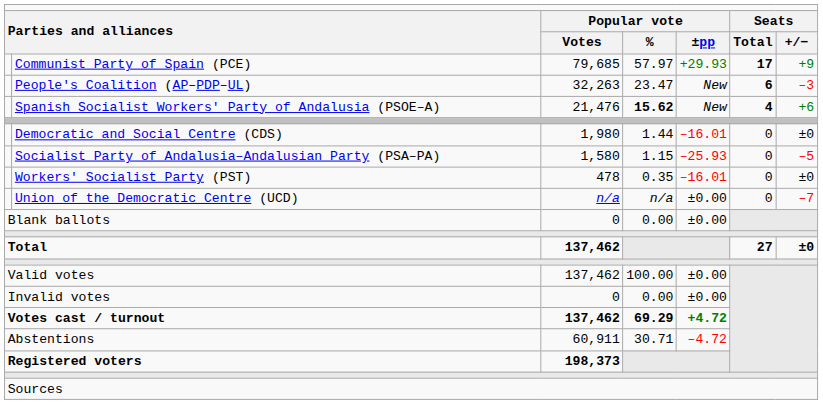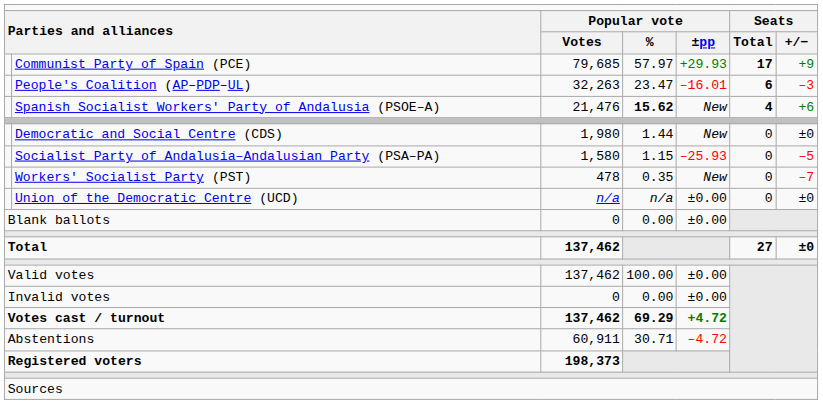 <table class="wikitable" style="text-align:right;">
 <tr>
 <td colspan="7"></td>
 </tr>
 <tr>
 <th style="text-align:left;" rowspan="2" colspan="2" width="525">Parties and alliances</th>
 <th colspan="3">Popular vote</th>
 <th colspan="2">Seats</th>
 </tr>
 <tr>
 <th width="75">Votes</th>
 <th width="45">%</th>
 <th width="45">±<a href='#'>pp</a></th>
 <th width="35">Total</th>
 <th width="35">+/−</th>
 </tr>
 <tr>
 <td width="1" style="color:inherit;background:"></td>
 <td align="left"><a href='#'>Communist Party of Spain</a> (PCE)</td>
 <td>79,685</td>
 <td>57.97</td>
 <td style="color:green;">+29.93</td>
 <td><strong>17</strong></td>
 <td style="color:green;">+9</td>
 </tr>
 <tr>
 <td style="color:inherit;background:"></td>
 <td align="left"><a href='#'>People's Coalition</a> (<a href='#'>AP</a>–<a href='#'>PDP</a>–<a href='#'>UL</a>)</td>
 <td>32,263</td>
 <td>23.47</td>
-<td><em>New</em></td>
+<td style="color:red;">–16.01</td>
 <td><strong>6</strong></td>
 <td style="color:red;">–3</td>
 </tr>
 <tr>
 <td style="color:inherit;background:"></td>
 <td align="left"><a href='#'>Spanish Socialist Workers' Party of Andalusia</a> (PSOE–A)</td>
 <td>21,476</td>
 <td><strong>15.62</strong></td>
 <td><em>New</em></td>
 <td><strong>4</strong></td>
 <td style="color:green;">+6</td>
 </tr>
 <tr>
 <td colspan="7" bgcolor="#C0C0C0"></td>
 </tr>
 <tr>
 <td style="color:inherit;background:"></td>
 <td align="left"><a href='#'>Democratic and Social Centre</a> (CDS)</td>
 <td>1,980</td>
 <td>1.44</td>
-<td style="color:red;">–16.01</td>
+<td><em>New</em></td>
 <td>0</td>
 <td>±0</td>
 </tr>
 <tr>
 <td style="color:inherit;background:"></td>
 <td align="left"><a href='#'>Socialist Party of Andalusia–Andalusian Party</a> (PSA–PA)</td>
 <td>1,580</td>
 <td>1.15</td>
 <td style="color:red;">–25.93</td>
 <td>0</td>
 <td style="color:red;">–5</td>
 </tr>
 <tr>
 <td style="color:inherit;background:"></td>
 <td align="left"><a href='#'>Workers' Socialist Party</a> (PST)</td>
 <td>478</td>
 <td>0.35</td>
-<td style="color:red;">–16.01</td>
+<td><em>New</em></td>
 <td>0</td>
-<td>±0</td>
+<td style="color:red;">–7</td>
 </tr>
 <tr>
 <td style="color:inherit;background:"></td>
 <td align="left"><a href='#'>Union of the Democratic Centre</a> (UCD)</td>
 <td><em><a href='#'>n/a</a></em></td>
 <td><em>n/a</em></td>
 <td>±0.00</td>
 <td>0</td>
-<td style="color:red;">–7</td>
+<td>±0</td>
 </tr>
 <tr>
 <td align="left" colspan="2">Blank ballots</td>
 <td>0</td>
 <td>0.00</td>
 <td>±0.00</td>
 <td bgcolor="#E9E9E9" colspan="2"></td>
 </tr>
 <tr>
 <td colspan="7" bgcolor="#E9E9E9"></td>
 </tr>
 <tr style="font-weight:bold;">
 <td align="left" colspan="2">Total</td>
 <td>137,462</td>
 <td bgcolor="#E9E9E9" colspan="2"></td>
 <td>27</td>
 <td>±0</td>
 </tr>
 <tr>
 <td colspan="7" bgcolor="#E9E9E9"></td>
 </tr>
 <tr>
 <td align="left" colspan="2">Valid votes</td>
 <td>137,462</td>
 <td>100.00</td>
 <td>±0.00</td>
 <td bgcolor="#E9E9E9" colspan="2" rowspan="5"></td>
 </tr>
 <tr>
 <td align="left" colspan="2">Invalid votes</td>
 <td>0</td>
 <td>0.00</td>
 <td>±0.00</td>
 </tr>
 <tr style="font-weight:bold;">
 <td align="left" colspan="2">Votes cast / turnout</td>
 <td>137,462</td>
 <td>69.29</td>
 <td style="color:green;">+4.72</td>
 </tr>
 <tr>
 <td align="left" colspan="2">Abstentions</td>
 <td>60,911</td>
 <td>30.71</td>
 <td style="color:red;">–4.72</td>
 </tr>
 <tr style="font-weight:bold;">
 <td align="left" colspan="2">Registered voters</td>
 <td>198,373</td>
 <td bgcolor="#E9E9E9" colspan="2"></td>
 </tr>
 <tr>
 <td colspan="7" bgcolor="#E9E9E9"></td>
 </tr>
 <tr>
 <td align="left" colspan="7">Sources</td>
 </tr>
 </table>
